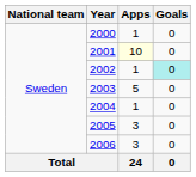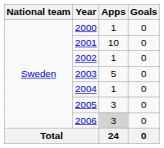 <table class="wikitable" style="text-align:center">
 <tr>
 <th>National team</th>
 <th>Year</th>
 <th>Apps</th>
 <th>Goals</th>
 </tr>
 <tr>
 <td rowspan="7"><a href='#'>Sweden</a></td>
 <td><a href='#'>2000</a></td>
 <td>1</td>
 <td>0</td>
 </tr>
 <tr>
 <td><a href='#'>2001</a></td>
-<td style="background: lightyellow;">10</td>
+<td>10</td>
 <td>0</td>
 </tr>
 <tr>
 <td><a href='#'>2002</a></td>
 <td>1</td>
-<td style="background: paleturquoise;">0</td>
+<td>0</td>
 </tr>
 <tr>
 <td><a href='#'>2003</a></td>
 <td>5</td>
 <td>0</td>
 </tr>
 <tr>
 <td><a href='#'>2004</a></td>
 <td>1</td>
 <td>0</td>
 </tr>
 <tr>
 <td><a href='#'>2005</a></td>
 <td>3</td>
 <td>0</td>
 </tr>
 <tr>
 <td><a href='#'>2006</a></td>
-<td>3</td>
+<td style="background: lightgrey;">3</td>
 <td>0</td>
 </tr>
 <tr>
 <th colspan="2">Total</th>
 <th>24</th>
 <th>0</th>
 </tr>
 </table>
